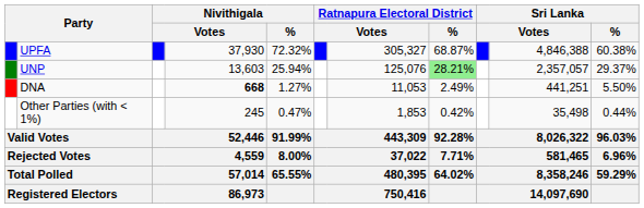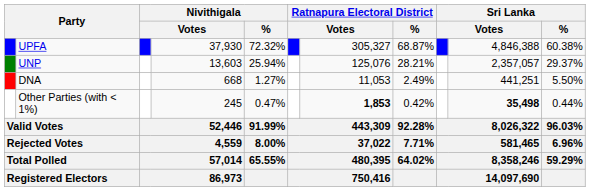 <table class="wikitable">
 <tr>
 <th colspan="2" width="144px"rowspan="2">Party</th>
 <th colspan="3" width="216px">Nivithigala</th>
 <th colspan="3" width="216px"><a href='#'>Ratnapura Electoral District</a></th>
 <th colspan="3" width="216px">Sri Lanka</th>
 </tr>
 <tr>
 <th colspan="2" width="144px">Votes</th>
 <th>%</th>
 <th colspan="2" width="144px">Votes</th>
 <th>%</th>
 <th colspan="2" width="144px">Votes</th>
 <th>%</th>
 </tr>
 <tr>
 <td style="background-color:blue;" width="10px"></td>
 <td style="text-align:left;"><a href='#'>UPFA</a></td>
 <td style="background-color:blue;" width="10px"></td>
 <td style="text-align:right;">37,930</td>
 <td style="text-align:right;">72.32%</td>
 <td style="background-color:blue;" width="10px"></td>
 <td style="text-align:right;">305,327</td>
 <td style="text-align:right;">68.87%</td>
 <td style="background-color:blue;" width="10px"></td>
 <td style="text-align:right;">4,846,388</td>
 <td style="text-align:right;">60.38%</td>
 </tr>
 <tr>
 <td style="background-color:green;" width="10px"></td>
 <td style="text-align:left;"><a href='#'>UNP</a></td>
 <td style="background-color:white;" width="10px"></td>
 <td style="text-align:right;">13,603</td>
 <td style="text-align:right;">25.94%</td>
 <td style="background-color:white;" width="10px"></td>
 <td style="text-align:right;">125,076</td>
-<td style="background: lightgreen; text-align:right;">28.21%</td>
+<td style="text-align:right;">28.21%</td>
 <td style="background-color:white;" width="10px"></td>
 <td style="text-align:right;">2,357,057</td>
 <td style="text-align:right;">29.37%</td>
 </tr>
 <tr>
 <td style="background-color:red;" width="10px"></td>
 <td style="text-align:left;">DNA</td>
 <td style="background-color:white;" width="10px"></td>
-<td style="text-align:right;"><strong>668</strong></td>
+<td style="text-align:right;">668</td>
 <td style="text-align:right;">1.27%</td>
 <td style="background-color:white;" width="10px"></td>
 <td style="text-align:right;">11,053</td>
 <td style="text-align:right;">2.49%</td>
 <td style="background-color:white;" width="10px"></td>
 <td style="text-align:right;">441,251</td>
 <td style="text-align:right;">5.50%</td>
 </tr>
 <tr>
 <td style="background-color:white;" width="10px"></td>
 <td style="text-align:left;">Other Parties (with < 1%)</td>
 <td style="background-color:white;" width="10px"></td>
 <td style="text-align:right;">245</td>
 <td style="text-align:right;">0.47%</td>
 <td style="background-color:white;" width="10px"></td>
-<td style="text-align:right;">1,853</td>
+<td style="text-align:right;"><strong>1,853</strong></td>
 <td style="text-align:right;">0.42%</td>
 <td style="background-color:white;" width="10px"></td>
-<td style="text-align:right;">35,498</td>
+<td style="text-align:right;"><strong>35,498</strong></td>
 <td style="text-align:right;">0.44%</td>
 </tr>
 <tr>
 <th colspan="2" width="144px"style="text-align:left;">Valid Votes</th>
 <th style="text-align:right;"colspan="2" width="144px">52,446</th>
 <th style="text-align:right;">91.99%</th>
 <th style="text-align:right;"colspan="2" width="144px">443,309</th>
 <th style="text-align:right;">92.28%</th>
 <th style="text-align:right;"colspan="2" width="144px">8,026,322</th>
 <th style="text-align:right;">96.03%</th>
 </tr>
 <tr>
 <th colspan="2" width="144px"style="text-align:left;">Rejected Votes</th>
 <th style="text-align:right;"colspan="2" width="144px">4,559</th>
 <th style="text-align:right;">8.00%</th>
 <th style="text-align:right;"colspan="2" width="144px">37,022</th>
 <th style="text-align:right;">7.71%</th>
 <th style="text-align:right;"colspan="2" width="144px">581,465</th>
 <th style="text-align:right;">6.96%</th>
 </tr>
 <tr>
 <th colspan="2" width="144px"style="text-align:left;">Total Polled</th>
 <th style="text-align:right;"colspan="2" width="144px">57,014</th>
 <th style="text-align:right;">65.55%</th>
 <th style="text-align:right;"colspan="2" width="144px">480,395</th>
 <th style="text-align:right;">64.02%</th>
 <th style="text-align:right;"colspan="2" width="144px">8,358,246</th>
 <th style="text-align:right;">59.29%</th>
 </tr>
 <tr>
 <th colspan="2" width="144px"style="text-align:left;">Registered Electors</th>
 <th style="text-align:right;"colspan="2" width="144px">86,973</th>
 <th></th>
 <th style="text-align:right;"colspan="2" width="144px">750,416</th>
 <th></th>
 <th style="text-align:right;"colspan="2" width="144px">14,097,690</th>
 <th></th>
 </tr>
 </table>
